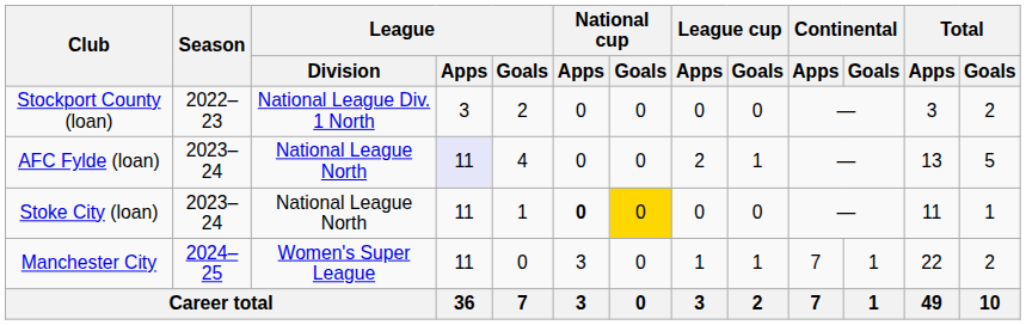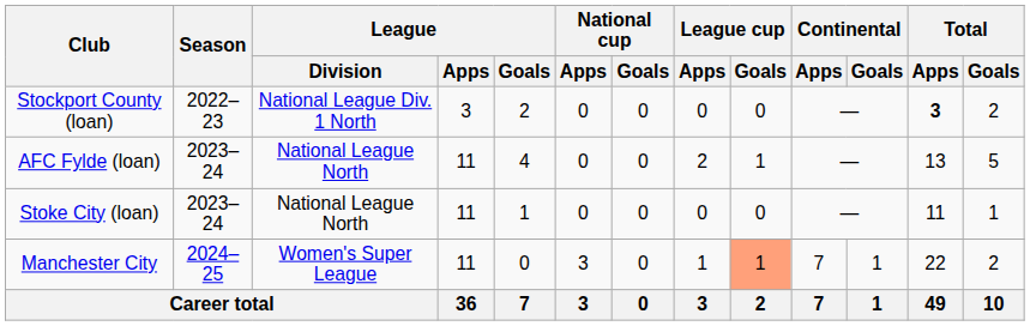 <table class="wikitable" style="text-align:center">
 <tr>
 <th rowspan="2">Club</th>
 <th rowspan="2">Season</th>
 <th colspan="3">League</th>
 <th colspan="2">National cup</th>
 <th colspan="2">League cup</th>
 <th colspan="2">Continental</th>
 <th colspan="2">Total</th>
 </tr>
 <tr>
 <th>Division</th>
 <th>Apps</th>
 <th>Goals</th>
 <th>Apps</th>
 <th>Goals</th>
 <th>Apps</th>
 <th>Goals</th>
 <th>Apps</th>
 <th>Goals</th>
 <th>Apps</th>
 <th>Goals</th>
 </tr>
 <tr>
 <td><a href='#'>Stockport County</a> (loan)</td>
 <td>2022–23</td>
 <td><a href='#'>National League Div. 1 North</a></td>
 <td>3</td>
 <td>2</td>
 <td>0</td>
 <td>0</td>
 <td>0</td>
 <td>0</td>
 <td colspan="2">—</td>
-<td>3</td>
+<td><strong>3</strong></td>
 <td>2</td>
 </tr>
 <tr>
 <td><a href='#'>AFC Fylde</a> (loan)</td>
 <td>2023–24</td>
 <td><a href='#'>National League North</a></td>
-<td style="background: lavender;">11</td>
+<td>11</td>
 <td>4</td>
 <td>0</td>
 <td>0</td>
 <td>2</td>
 <td>1</td>
 <td colspan="2">—</td>
 <td>13</td>
 <td>5</td>
 </tr>
 <tr>
 <td><a href='#'>Stoke City</a> (loan)</td>
 <td>2023–24</td>
 <td>National League North</td>
 <td>11</td>
 <td>1</td>
-<td><strong>0</strong></td>
-<td style="background: gold;">0</td>
+<td>0</td>
+<td>0</td>
 <td>0</td>
 <td>0</td>
 <td colspan="2">—</td>
 <td>11</td>
 <td>1</td>
 </tr>
 <tr>
 <td><a href='#'>Manchester City</a></td>
 <td><a href='#'>2024–25</a></td>
 <td><a href='#'>Women's Super League</a></td>
 <td>11</td>
 <td>0</td>
 <td>3</td>
 <td>0</td>
 <td>1</td>
-<td>1</td>
+<td style="background: lightsalmon;">1</td>
 <td>7</td>
 <td>1</td>
 <td>22</td>
 <td>2</td>
 </tr>
 <tr>
 <th colspan="3">Career total</th>
 <th>36</th>
 <th>7</th>
 <th>3</th>
 <th>0</th>
 <th>3</th>
 <th>2</th>
 <th>7</th>
 <th>1</th>
 <th>49</th>
 <th>10</th>
 </tr>
 </table>
